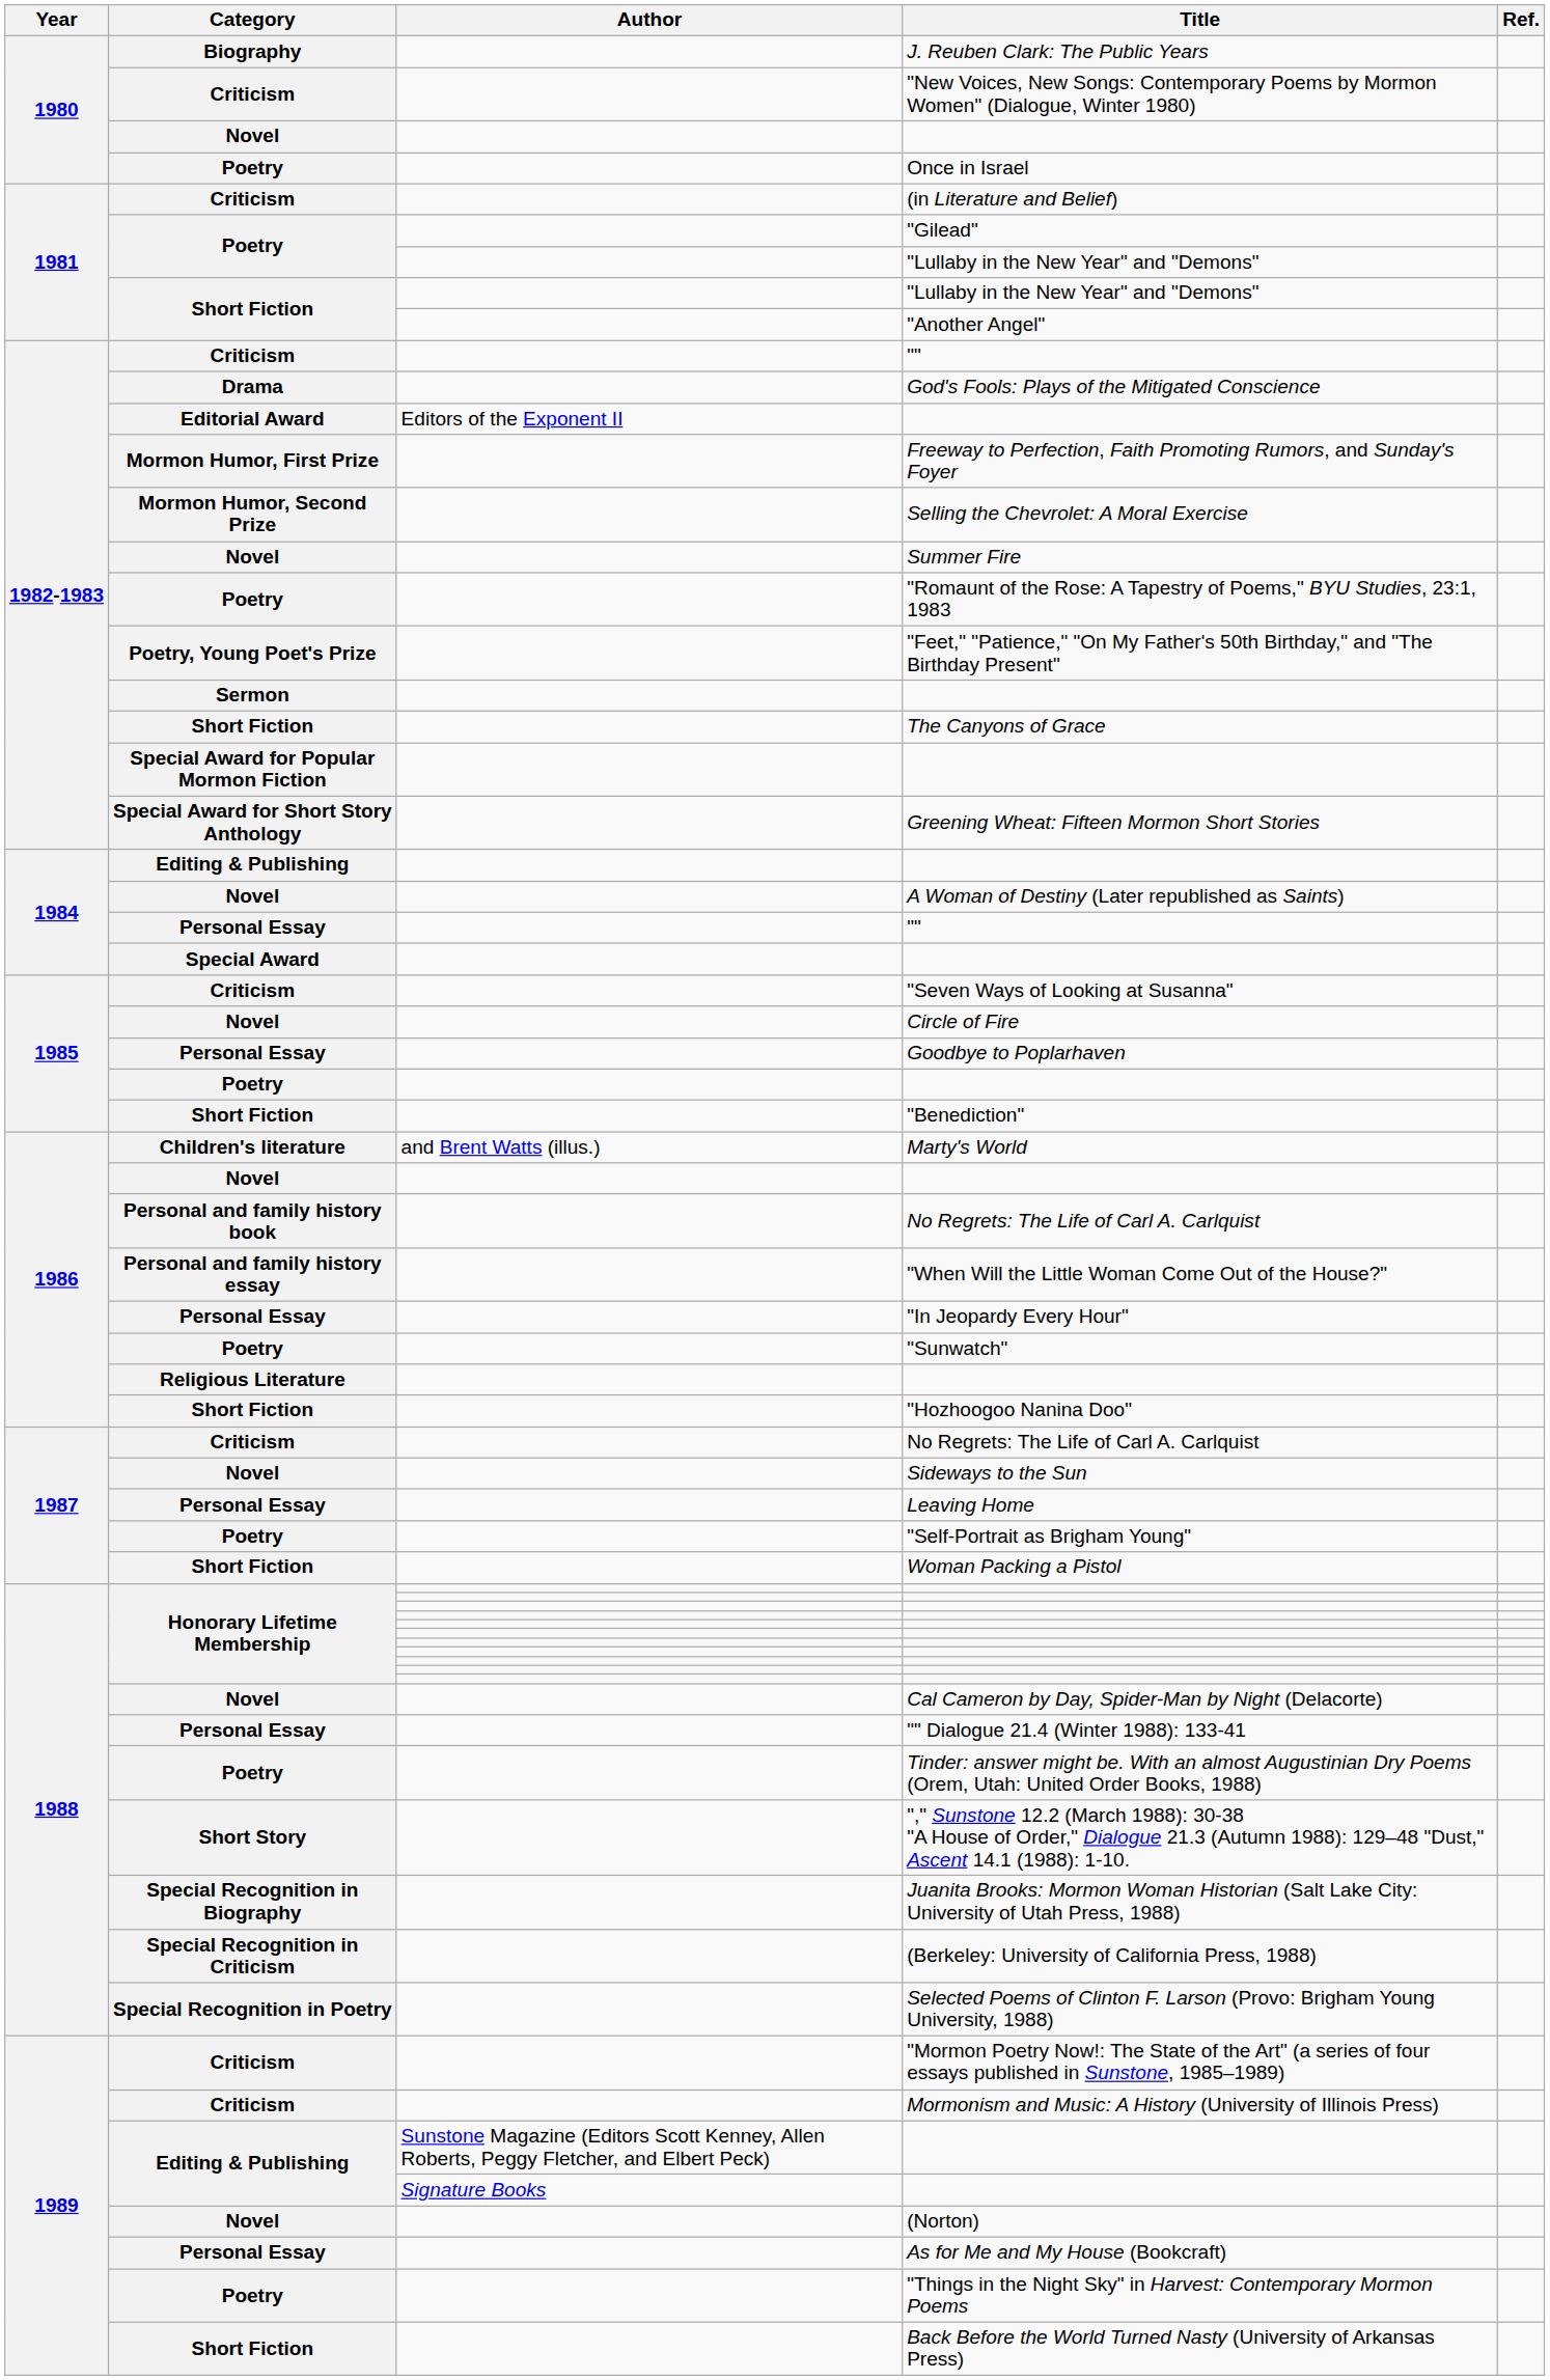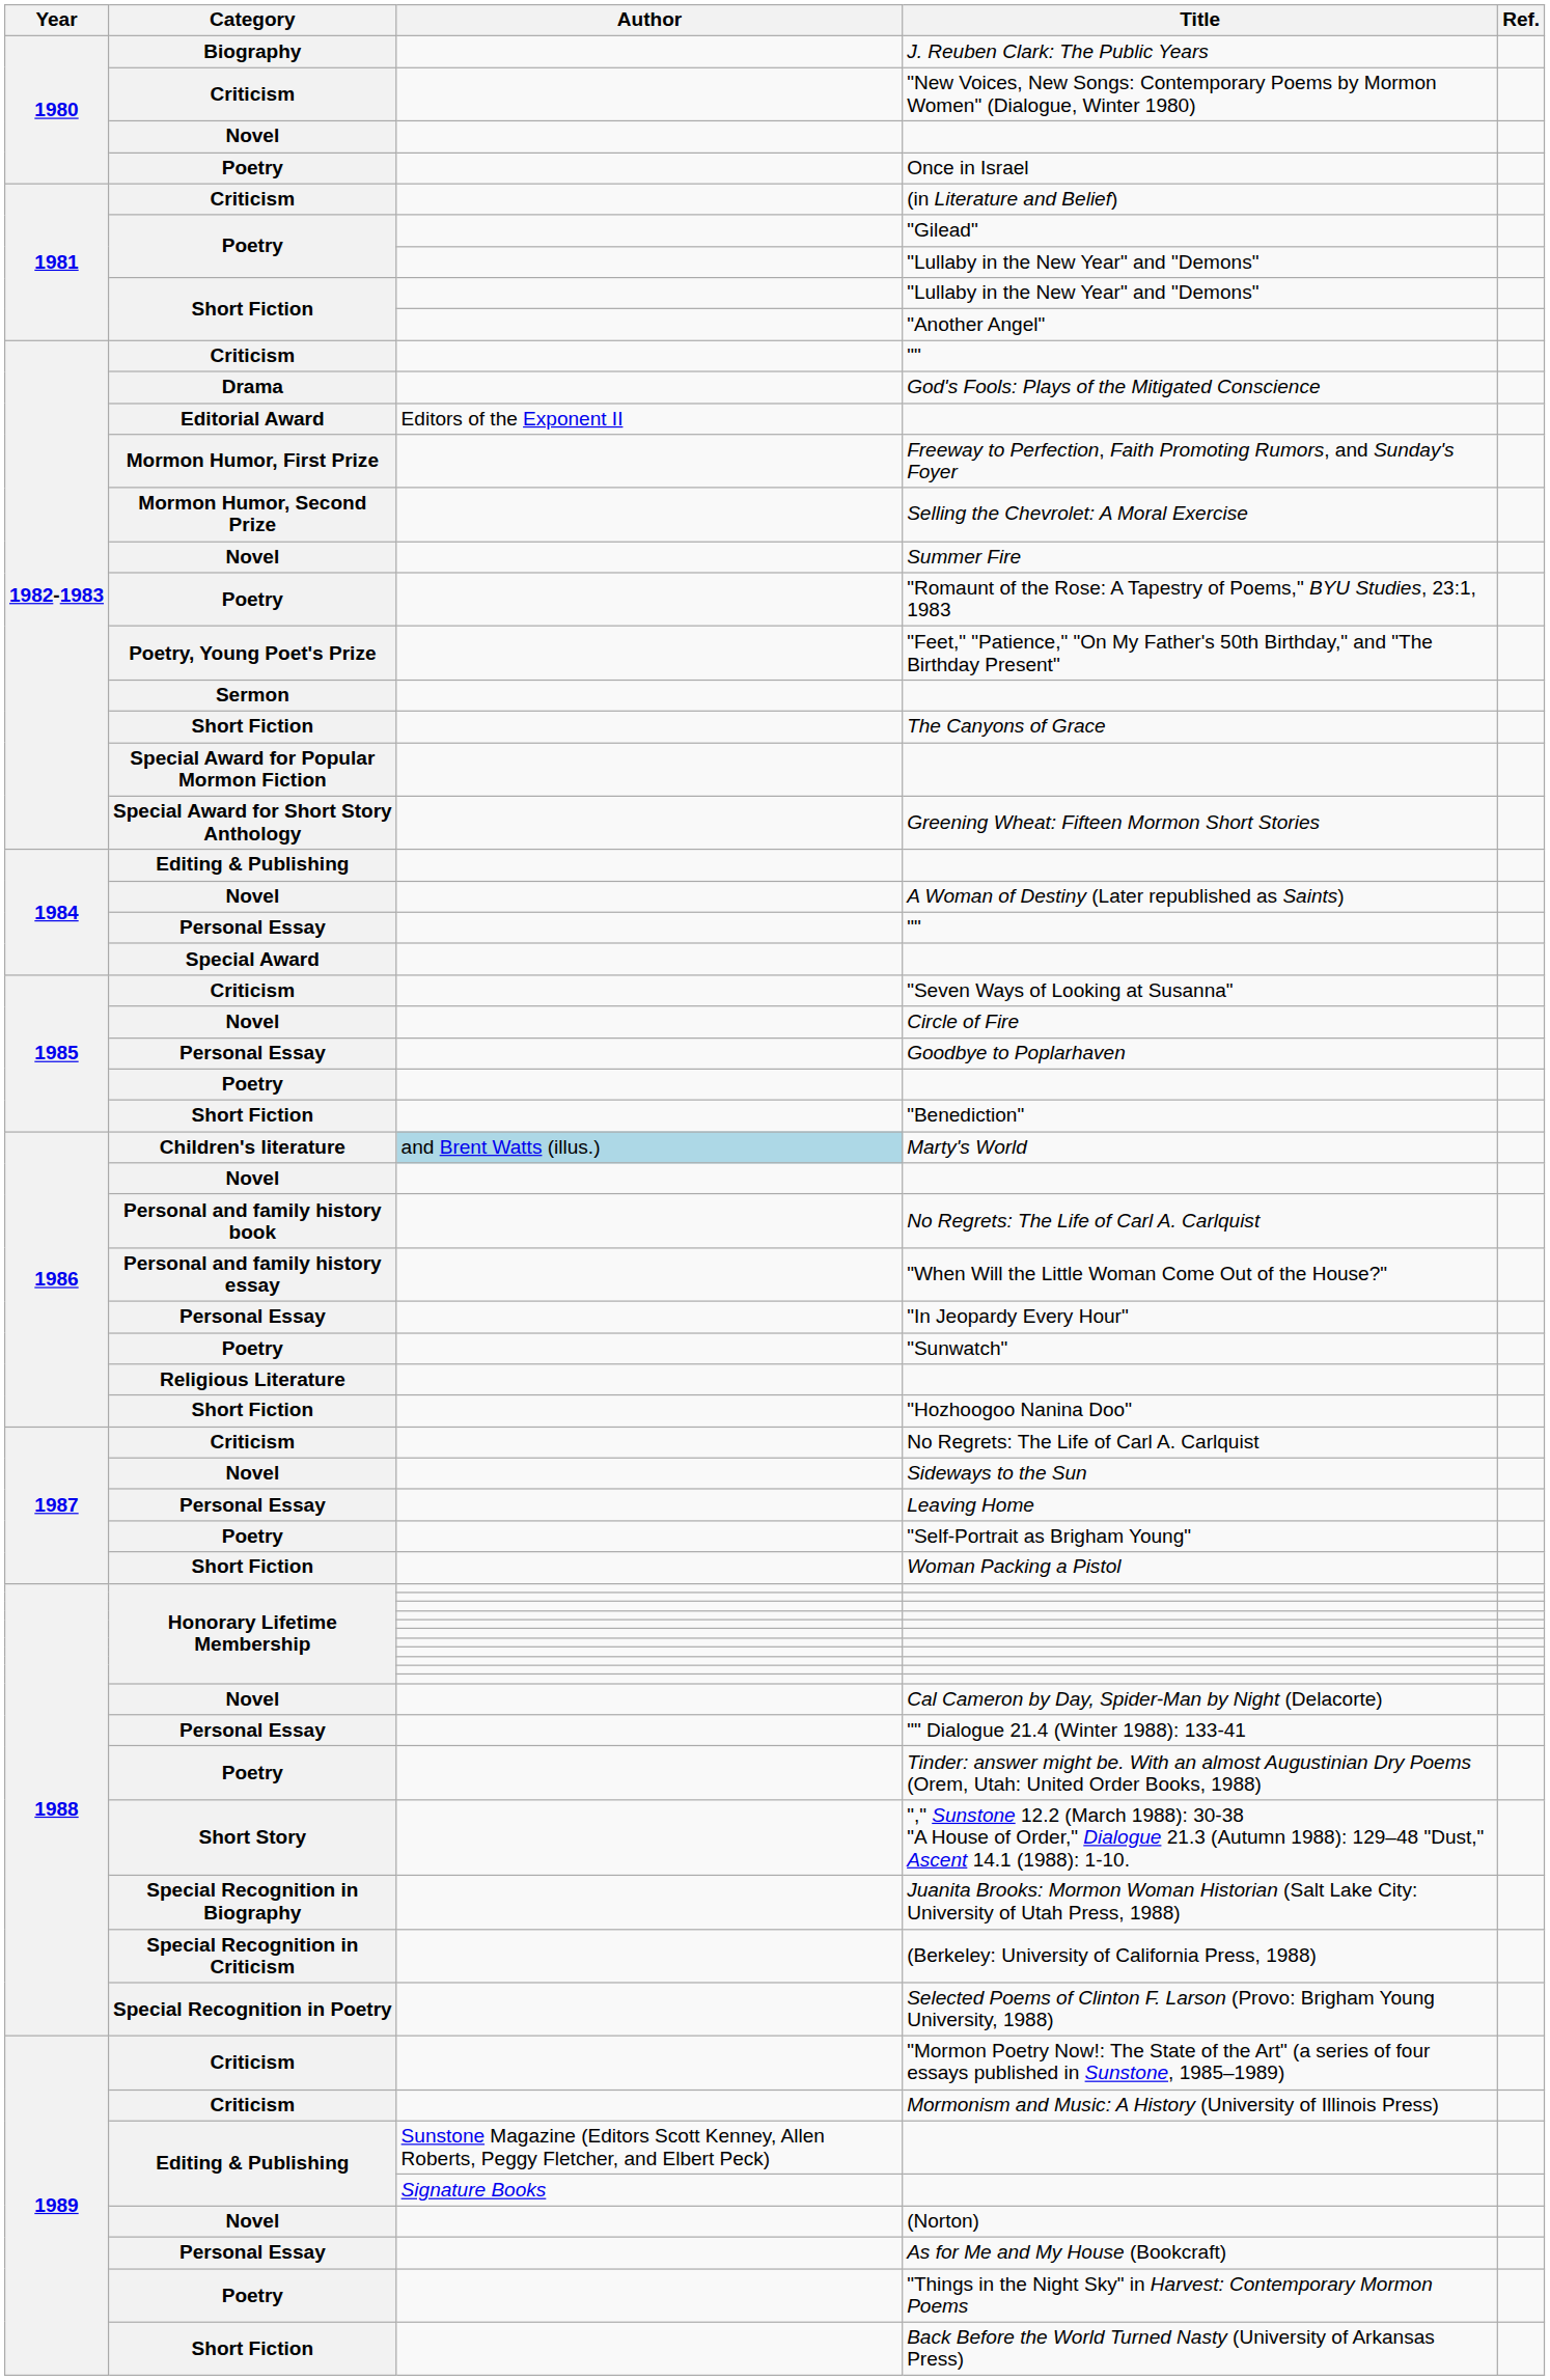 <table class="wikitable sortable mw-collapsible">
 <tr>
 <th>Year</th>
 <th>Category</th>
 <th>Author</th>
 <th>Title</th>
 <th>Ref.</th>
 </tr>
 <tr>
 <th rowspan="4"><a href='#'>1980</a></th>
 <th>Biography</th>
 <td></td>
 <td><em>J. Reuben Clark: The Public Years</em></td>
 <td></td>
 </tr>
 <tr>
 <th>Criticism</th>
 <td></td>
 <td>"New Voices, New Songs: Contemporary Poems by Mormon Women" (Dialogue, Winter 1980)</td>
 <td></td>
 </tr>
 <tr>
 <th>Novel</th>
 <td></td>
 <td><em></em></td>
 <td></td>
 </tr>
 <tr>
 <th>Poetry</th>
 <td></td>
 <td>Once in Israel</td>
 <td></td>
 </tr>
 <tr>
 <th rowspan="5"><a href='#'>1981</a></th>
 <th>Criticism</th>
 <td></td>
 <td>  (in <em>Literature and Belief</em>)</td>
 <td></td>
 </tr>
 <tr>
 <th rowspan="2">Poetry</th>
 <td></td>
 <td>"Gilead"</td>
 <td></td>
 </tr>
 <tr>
 <td></td>
 <td>"Lullaby in the New Year" and "Demons"</td>
 <td></td>
 </tr>
 <tr>
 <th rowspan="2">Short Fiction</th>
 <td></td>
 <td>"Lullaby in the New Year" and "Demons"</td>
 <td></td>
 </tr>
 <tr>
 <td></td>
 <td>"Another Angel"</td>
 <td></td>
 </tr>
 <tr>
 <th rowspan="12"><a href='#'>1982</a>-<a href='#'>1983</a></th>
 <th>Criticism</th>
 <td></td>
 <td>""</td>
 <td></td>
 </tr>
 <tr>
 <th>Drama</th>
 <td></td>
 <td><em>God's Fools: Plays of the Mitigated Conscience</em></td>
 <td></td>
 </tr>
 <tr>
 <th>Editorial Award</th>
 <td>Editors of the <a href='#'>Exponent II</a></td>
 <td></td>
 <td></td>
 </tr>
 <tr>
 <th>Mormon Humor, First Prize</th>
 <td></td>
 <td><em>Freeway to Perfection</em>, <em>Faith Promoting Rumors</em>, and <em>Sunday's Foyer</em></td>
 <td></td>
 </tr>
 <tr>
 <th>Mormon Humor, Second Prize</th>
 <td></td>
 <td><em>Selling the Chevrolet: A Moral Exercise</em></td>
 <td></td>
 </tr>
 <tr>
 <th>Novel</th>
 <td></td>
 <td><em>Summer Fire</em></td>
 <td></td>
 </tr>
 <tr>
 <th>Poetry</th>
 <td></td>
 <td>"Romaunt of the Rose: A Tapestry of Poems," <em>BYU Studies</em>, 23:1, 1983</td>
 <td></td>
 </tr>
 <tr>
 <th>Poetry, Young Poet's Prize</th>
 <td></td>
 <td>"Feet," "Patience," "On My Father's 50th Birthday," and "The Birthday Present"</td>
 <td></td>
 </tr>
 <tr>
 <th>Sermon</th>
 <td></td>
 <td></td>
 <td></td>
 </tr>
 <tr>
 <th>Short Fiction</th>
 <td></td>
 <td><em>The Canyons of Grace</em></td>
 <td></td>
 </tr>
 <tr>
 <th>Special Award for Popular Mormon Fiction</th>
 <td></td>
 <td></td>
 <td></td>
 </tr>
 <tr>
 <th>Special Award for Short Story Anthology</th>
 <td></td>
 <td><em>Greening Wheat: Fifteen Mormon Short Stories</em></td>
 <td></td>
 </tr>
 <tr>
 <th rowspan="4"><a href='#'>1984</a></th>
 <th>Editing & Publishing</th>
 <td></td>
 <td></td>
 <td></td>
 </tr>
 <tr>
 <th>Novel</th>
 <td></td>
 <td><em>A Woman of Destiny</em> (Later republished as <em>Saints</em>)</td>
 <td></td>
 </tr>
 <tr>
 <th>Personal Essay</th>
 <td></td>
 <td>""</td>
 <td></td>
 </tr>
 <tr>
 <th>Special Award</th>
 <td></td>
 <td></td>
 <td></td>
 </tr>
 <tr>
 <th rowspan="5"><a href='#'>1985</a></th>
 <th>Criticism</th>
 <td></td>
 <td>"Seven Ways of Looking at Susanna"</td>
 <td></td>
 </tr>
 <tr>
 <th>Novel</th>
 <td></td>
 <td><em>Circle of Fire</em></td>
 <td></td>
 </tr>
 <tr>
 <th>Personal Essay</th>
 <td></td>
 <td><em>Goodbye to Poplarhaven</em></td>
 <td></td>
 </tr>
 <tr>
 <th>Poetry</th>
 <td></td>
 <td></td>
 <td></td>
 </tr>
 <tr>
 <th>Short Fiction</th>
 <td></td>
 <td>"Benediction"</td>
 <td></td>
 </tr>
 <tr>
 <th rowspan="8"><a href='#'>1986</a></th>
 <th>Children's literature</th>
-<td> and <a href='#'>Brent Watts</a> (illus.)</td>
+<td style="background: lightblue;"> and <a href='#'>Brent Watts</a> (illus.)</td>
 <td><em>Marty's World</em></td>
 <td></td>
 </tr>
 <tr>
 <th>Novel</th>
 <td></td>
 <td><em></em></td>
 <td></td>
 </tr>
 <tr>
 <th>Personal and family history book</th>
 <td></td>
 <td><em>No Regrets: The Life of Carl A. Carlquist</em></td>
 <td></td>
 </tr>
 <tr>
 <th>Personal and family history essay</th>
 <td></td>
 <td>"When Will the Little Woman Come Out of the House?"</td>
 <td></td>
 </tr>
 <tr>
 <th>Personal Essay</th>
 <td></td>
 <td>"In Jeopardy Every Hour"</td>
 <td></td>
 </tr>
 <tr>
 <th>Poetry</th>
 <td></td>
 <td>"Sunwatch"</td>
 <td></td>
 </tr>
 <tr>
 <th>Religious Literature</th>
 <td></td>
 <td><em></em></td>
 <td></td>
 </tr>
 <tr>
 <th>Short Fiction</th>
 <td></td>
 <td>"Hozhoogoo Nanina Doo"</td>
 <td></td>
 </tr>
 <tr>
 <th rowspan="5"><a href='#'>1987</a></th>
 <th>Criticism</th>
 <td></td>
 <td>No Regrets: The Life of Carl A. Carlquist</td>
 <td></td>
 </tr>
 <tr>
 <th>Novel</th>
 <td></td>
 <td><em>Sideways to the Sun</em></td>
 <td></td>
 </tr>
 <tr>
 <th>Personal Essay</th>
 <td></td>
 <td><em>Leaving Home</em></td>
 <td></td>
 </tr>
 <tr>
 <th>Poetry</th>
 <td></td>
 <td>"Self-Portrait as Brigham Young"</td>
 <td></td>
 </tr>
 <tr>
 <th>Short Fiction</th>
 <td></td>
 <td><em>Woman Packing a Pistol</em></td>
 <td></td>
 </tr>
 <tr>
 <th rowspan="18"><a href='#'>1988</a></th>
 <th rowspan="11">Honorary Lifetime Membership</th>
 <td></td>
 <td></td>
 <td></td>
 </tr>
 <tr>
 <td></td>
 <td></td>
 <td></td>
 </tr>
 <tr>
 <td></td>
 <td></td>
 <td></td>
 </tr>
 <tr>
 <td></td>
 <td></td>
 <td></td>
 </tr>
 <tr>
 <td></td>
 <td></td>
 <td></td>
 </tr>
 <tr>
 <td></td>
 <td></td>
 <td></td>
 </tr>
 <tr>
 <td></td>
 <td></td>
 <td></td>
 </tr>
 <tr>
 <td></td>
 <td></td>
 <td></td>
 </tr>
 <tr>
 <td></td>
 <td></td>
 <td></td>
 </tr>
 <tr>
 <td></td>
 <td></td>
 <td></td>
 </tr>
 <tr>
 <td></td>
 <td></td>
 <td></td>
 </tr>
 <tr>
 <th>Novel</th>
 <td></td>
 <td><em>Cal Cameron by Day, Spider-Man by Night</em> (Delacorte)</td>
 <td></td>
 </tr>
 <tr>
 <th>Personal Essay</th>
 <td></td>
 <td>"" Dialogue 21.4 (Winter 1988): 133-41</td>
 <td></td>
 </tr>
 <tr>
 <th>Poetry</th>
 <td></td>
 <td><em>Tinder: answer might be. With an almost Augustinian Dry Poems</em> (Orem, Utah: United Order Books, 1988)</td>
 <td></td>
 </tr>
 <tr>
 <th>Short Story</th>
 <td></td>
 <td>"," <em><a href='#'>Sunstone</a></em> 12.2 (March 1988): 30-38<br>"A House of Order," <em><a href='#'>Dialogue</a></em> 21.3 (Autumn 1988): 129–48 "Dust," <em><a href='#'>Ascent</a></em> 14.1 (1988): 1-10.</td>
 <td></td>
 </tr>
 <tr>
 <th>Special Recognition in Biography</th>
 <td></td>
 <td><em>Juanita Brooks: Mormon Woman Historian</em> (Salt Lake City: University of Utah Press, 1988)</td>
 <td></td>
 </tr>
 <tr>
 <th>Special Recognition in Criticism</th>
 <td></td>
 <td><em></em> (Berkeley: University of California Press, 1988)</td>
 <td></td>
 </tr>
 <tr>
 <th>Special Recognition in Poetry</th>
 <td></td>
 <td><em>Selected Poems of Clinton F. Larson</em> (Provo: Brigham Young University, 1988)</td>
 <td></td>
 </tr>
 <tr>
 <th rowspan="8"><a href='#'>1989</a></th>
 <th>Criticism</th>
 <td></td>
 <td>"Mormon Poetry Now!: The State of the Art" (a series of four essays published in <em><a href='#'>Sunstone</a></em>, 1985–1989)</td>
 <td></td>
 </tr>
 <tr>
 <th>Criticism</th>
 <td></td>
 <td><em>Mormonism and Music: A History</em> (University of Illinois Press)</td>
 <td></td>
 </tr>
 <tr>
 <th rowspan="2">Editing & Publishing</th>
 <td><a href='#'>Sunstone</a> Magazine (Editors Scott Kenney, Allen Roberts, Peggy Fletcher, and Elbert Peck)</td>
 <td></td>
 <td></td>
 </tr>
 <tr>
 <td><em><a href='#'>Signature Books</a></em></td>
 <td></td>
 <td></td>
 </tr>
 <tr>
 <th>Novel</th>
 <td></td>
 <td><em></em> (Norton)</td>
 <td></td>
 </tr>
 <tr>
 <th>Personal Essay</th>
 <td></td>
 <td><em>As for Me and My House</em> (Bookcraft)</td>
 <td></td>
 </tr>
 <tr>
 <th>Poetry</th>
 <td></td>
 <td>"Things in the Night Sky" in <em>Harvest: Contemporary Mormon Poems</em></td>
 <td></td>
 </tr>
 <tr>
 <th>Short Fiction</th>
 <td></td>
 <td><em>Back Before the World Turned Nasty</em> (University of Arkansas Press)</td>
 <td></td>
 </tr>
 </table>
